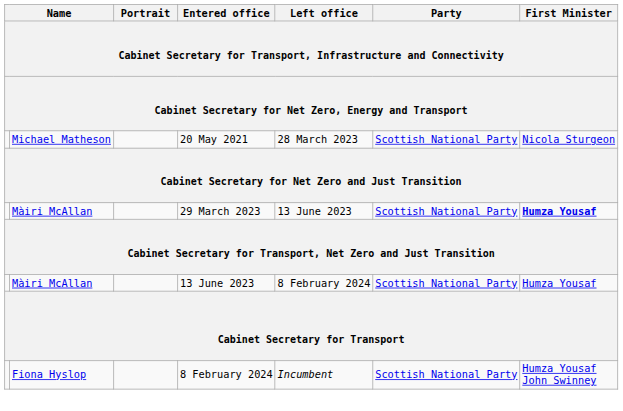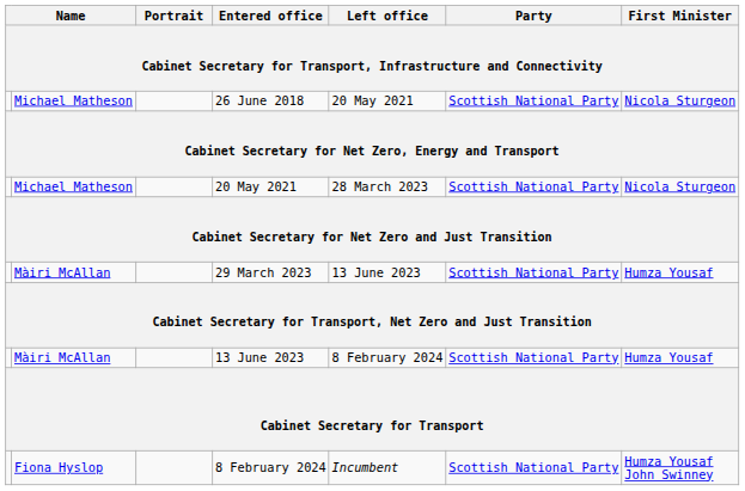 <table class="wikitable" style="margin: 0 0 0 1em; background: #f9f9f9; border: 1px #aaaaaa solid; border-collapse: collapse; ">
 <tr>
 <th colspan="2">Name</th>
 <th width=75>Portrait</th>
 <th>Entered office</th>
 <th>Left office</th>
 <th>Party</th>
 <th>First Minister</th>
 </tr>
 <tr>
 <th colspan=7><br><h3><small>Cabinet Secretary for Transport, Infrastructure and Connectivity</small></h3></th>
+</tr>
+<tr>
+<td></td>
+<td><a href='#'>Michael Matheson</a></td>
+<td></td>
+<td>26 June 2018</td>
+<td>20 May 2021</td>
+<td><a href='#'>Scottish National Party</a></td>
+<td><a href='#'>Nicola Sturgeon</a></td>
 </tr>
 <tr>
 <th colspan="7"><br><h3><small>Cabinet Secretary for Net Zero, Energy and Transport</small></h3></th>
 </tr>
 <tr>
 <td></td>
 <td><a href='#'>Michael Matheson</a></td>
 <td></td>
 <td>20 May 2021</td>
 <td>28 March 2023</td>
 <td><a href='#'>Scottish National Party</a></td>
 <td><a href='#'>Nicola Sturgeon</a></td>
 </tr>
 <tr>
 <th colspan="7"><br><h3><small>Cabinet Secretary for Net Zero and Just Transition</small></h3></th>
 </tr>
 <tr>
 <td></td>
 <td><a href='#'>Màiri McAllan</a></td>
 <td></td>
 <td>29 March 2023</td>
 <td>13 June 2023</td>
 <td><a href='#'>Scottish National Party</a></td>
-<td><strong><a href='#'>Humza Yousaf</a></strong></td>
+<td><a href='#'>Humza Yousaf</a></td>
 </tr>
 <tr>
 <th colspan="7"><br><h3><small>Cabinet Secretary for Transport, Net Zero and Just Transition</small></h3></th>
 </tr>
 <tr>
 <td></td>
 <td><a href='#'>Màiri McAllan</a></td>
 <td></td>
 <td>13 June 2023</td>
 <td>8 February 2024</td>
 <td><a href='#'>Scottish National Party</a></td>
 <td><a href='#'>Humza Yousaf</a></td>
 </tr>
 <tr>
 <th colspan="7"><br><h3><br><small>Cabinet Secretary for Transport</small></h3></th>
 </tr>
 <tr>
 <td></td>
 <td><a href='#'>Fiona Hyslop</a></td>
 <td></td>
 <td>8 February 2024</td>
 <td><em>Incumbent</em></td>
 <td><a href='#'>Scottish National Party</a></td>
 <td><a href='#'>Humza Yousaf</a><br><a href='#'>John Swinney</a></td>
 </tr>
 </table>
